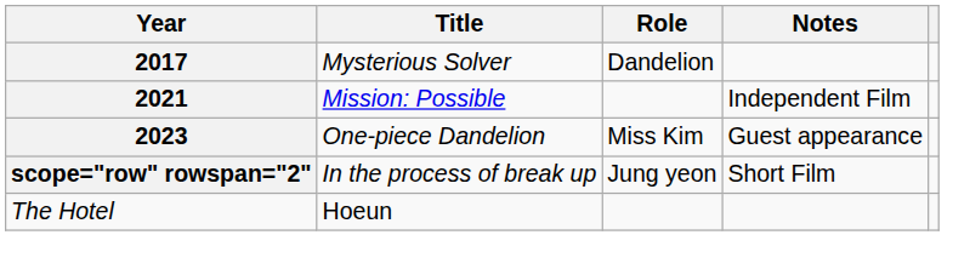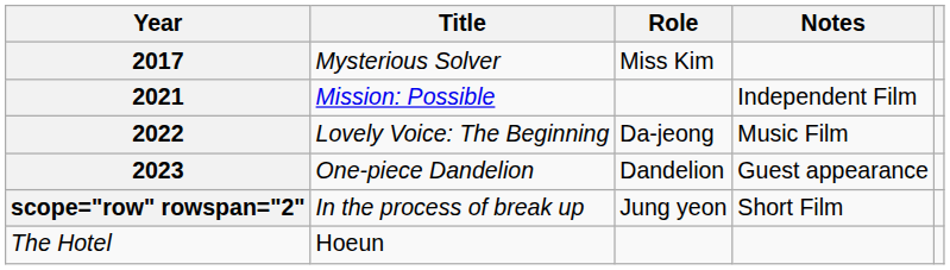 <table class="wikitable plainrowheaders sortable">
 <tr>
 <th scope="col">Year</th>
 <th scope="col">Title</th>
 <th scope="col">Role</th>
 <th scope="col">Notes</th>
 <th scope="col" class="unsortable"></th>
 </tr>
 <tr>
 <th scope="row">2017</th>
 <td><em>Mysterious Solver</em></td>
-<td>Dandelion</td>
+<td>Miss Kim</td>
 <td></td>
 <td style="text-align:center"></td>
 </tr>
 <tr>
 <th scope="row">2021</th>
 <td><em><a href='#'>Mission: Possible</a></em></td>
 <td></td>
 <td>Independent Film</td>
 <td style="text-align:center"></td>
 </tr>
 <tr>
+<th scope="row">2022</th>
+<td><em>Lovely Voice: The Beginning</em></td>
+<td>Da-jeong</td>
+<td>Music Film</td>
+<td style="text-align:center"></td>
+</tr>
+<tr>
 <th scope="row">2023</th>
 <td><em>One-piece Dandelion</em></td>
-<td>Miss Kim</td>
+<td>Dandelion</td>
 <td>Guest appearance</td>
 <td style="text-align:center"></td>
 </tr>
 <tr>
 <th>scope="row" rowspan="2" </th>
 <td><em>In the process of break up</em></td>
 <td>Jung yeon</td>
 <td>Short Film</td>
 <td style="text-align:center"></td>
 </tr>
 <tr>
 <td><em>The Hotel</em></td>
 <td>Hoeun</td>
 <td></td>
 <td style="text-align:center"></td>
 </tr>
 </table>
